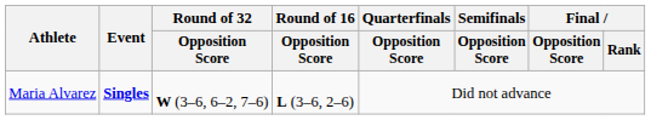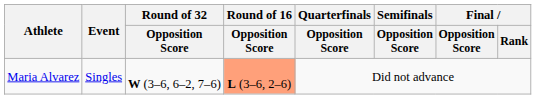 <table class=wikitable style="font-size:90%">
 <tr>
 <th rowspan=2>Athlete</th>
 <th rowspan=2>Event</th>
 <th>Round of 32</th>
 <th>Round of 16</th>
 <th>Quarterfinals</th>
 <th>Semifinals</th>
 <th colspan=2>Final / </th>
 </tr>
 <tr style="font-size:95%">
 <th>Opposition<br>Score</th>
 <th>Opposition<br>Score</th>
 <th>Opposition<br>Score</th>
 <th>Opposition<br>Score</th>
 <th>Opposition<br>Score</th>
 <th>Rank</th>
 </tr>
 <tr align=center>
 <td align=left><a href='#'>Maria Alvarez</a></td>
-<td align=left><strong><a href='#'>Singles</a></strong></td>
+<td align=left><a href='#'>Singles</a></td>
 <td><br><strong>W</strong> (3–6, 6–2, 7–6)</td>
-<td><br><strong>L</strong> (3–6, 2–6)</td>
+<td style="background: lightsalmon;"><br><strong>L</strong> (3–6, 2–6)</td>
 <td colspan=4>Did not advance</td>
 </tr>
 </table>
